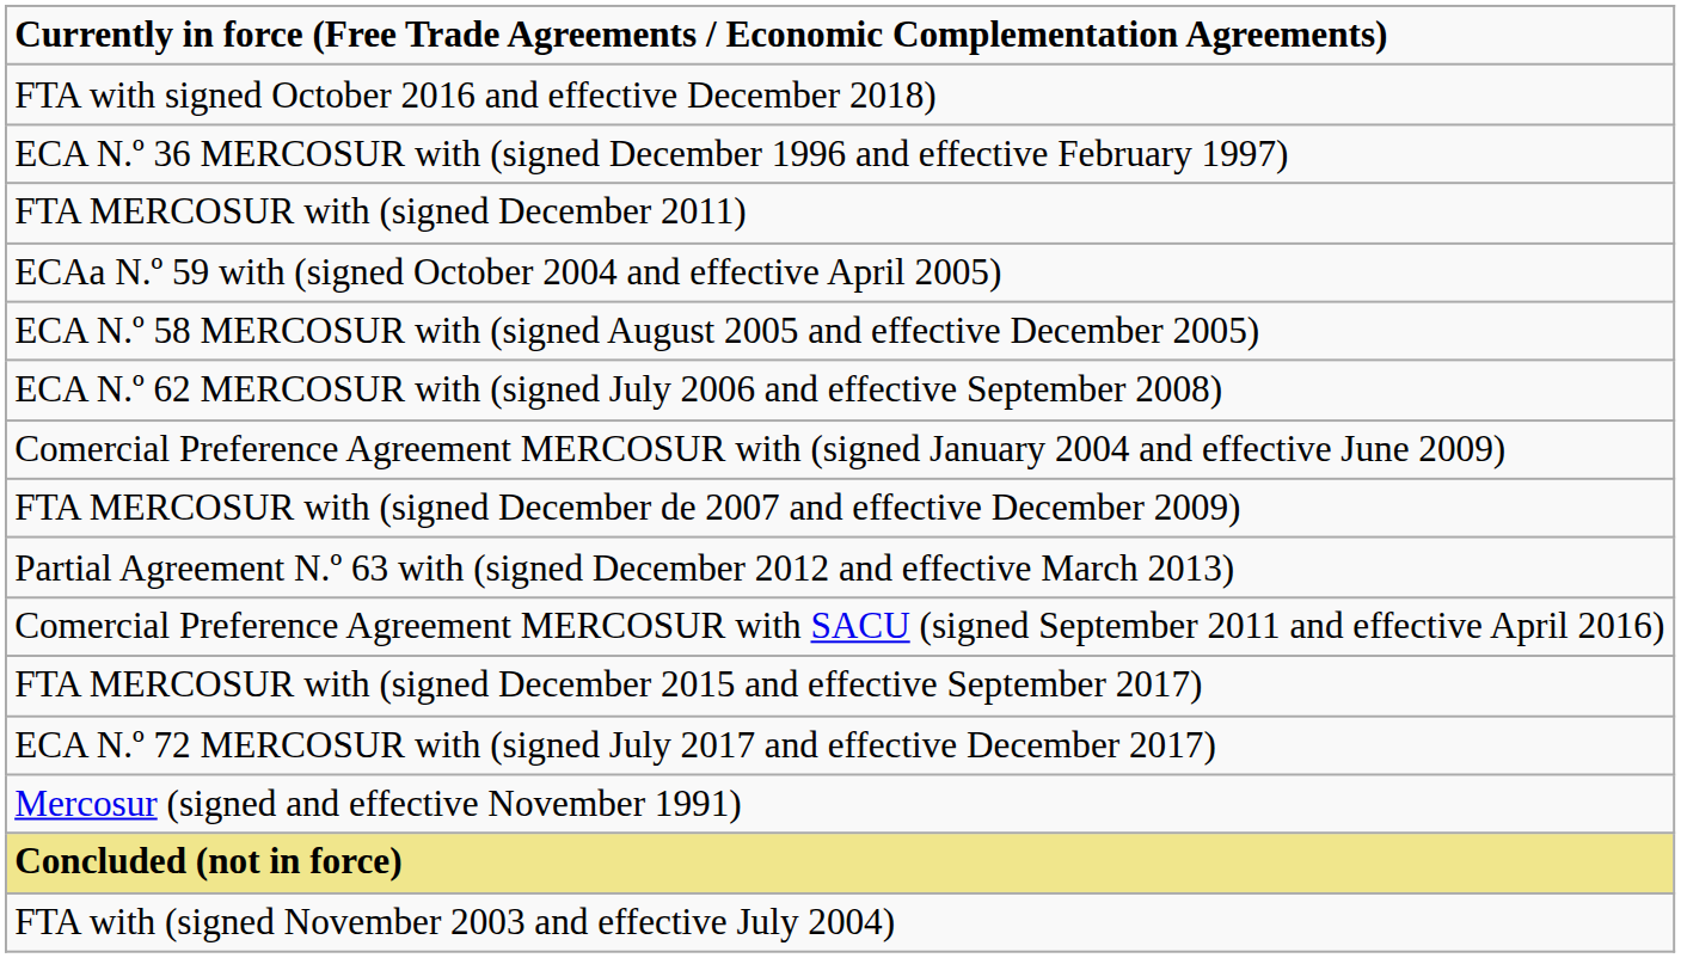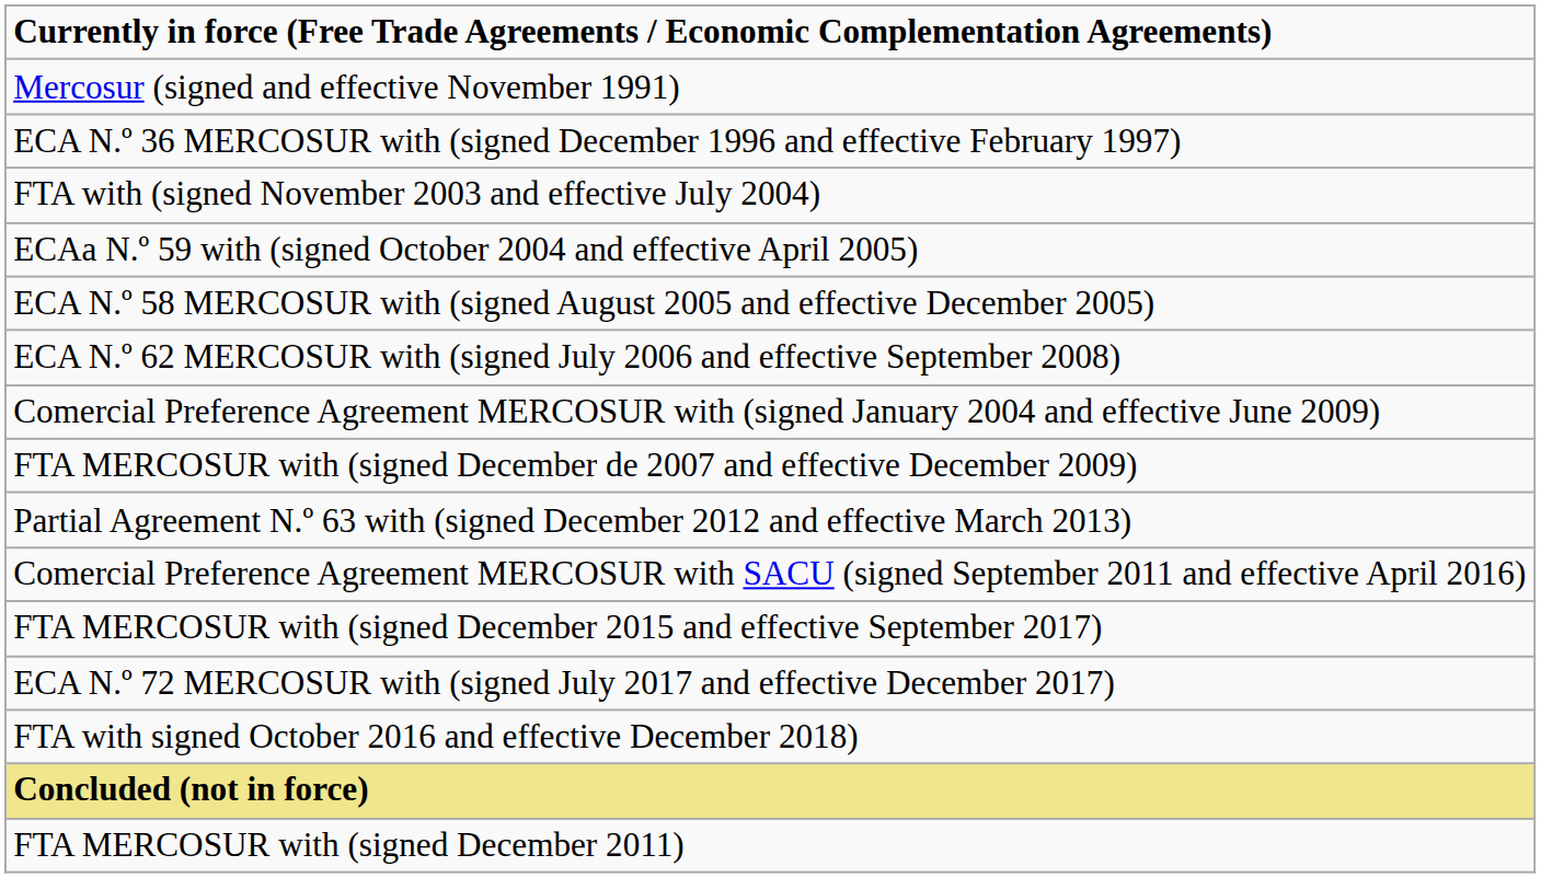 <table class="wikitable">
 <tr>
 <td><strong>Currently in force (Free Trade Agreements / Economic Complementation Agreements)</strong></td>
 </tr>
 <tr>
-<td>FTA with  signed October 2016 and effective December 2018)</td>
+<td><a href='#'>Mercosur</a> (signed and effective November 1991)</td>
 </tr>
 <tr>
 <td>ECA N.º 36 MERCOSUR with  (signed December 1996 and effective February 1997)</td>
 </tr>
 <tr>
-<td>FTA MERCOSUR with  (signed December 2011)</td>
+<td>FTA with  (signed November 2003 and effective July 2004)</td>
 </tr>
 <tr>
 <td>ECAa N.º 59 with  (signed October 2004 and effective April 2005)</td>
 </tr>
 <tr>
 <td>ECA N.º 58 MERCOSUR with  (signed August 2005 and effective December 2005)</td>
 </tr>
 <tr>
 <td>ECA N.º 62 MERCOSUR with  (signed July 2006 and effective September 2008)</td>
 </tr>
 <tr>
 <td>Comercial Preference Agreement MERCOSUR with  (signed January 2004 and effective June 2009)</td>
 </tr>
 <tr>
 <td>FTA MERCOSUR with  (signed December de 2007 and effective December 2009)</td>
 </tr>
 <tr>
 <td>Partial Agreement N.º 63 with  (signed December 2012 and effective March 2013)</td>
 </tr>
 <tr>
 <td>Comercial Preference Agreement MERCOSUR with <a href='#'>SACU</a> (signed September 2011 and effective April 2016)</td>
 </tr>
 <tr>
 <td>FTA MERCOSUR with  (signed December 2015 and effective September 2017)</td>
 </tr>
 <tr>
 <td>ECA N.º 72 MERCOSUR with  (signed July 2017 and effective December 2017)</td>
 </tr>
 <tr>
-<td><a href='#'>Mercosur</a> (signed and effective November 1991)</td>
+<td>FTA with  signed October 2016 and effective December 2018)</td>
 </tr>
 <tr>
 <td style="background: khaki;"><strong>Concluded (not in force)</strong></td>
 </tr>
 <tr>
-<td>FTA with  (signed November 2003 and effective July 2004)</td>
+<td>FTA MERCOSUR with  (signed December 2011)</td>
 </tr>
 </table>
